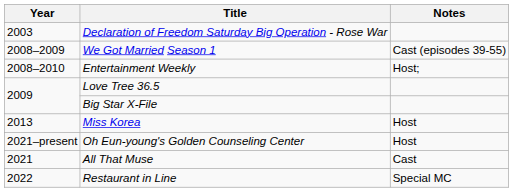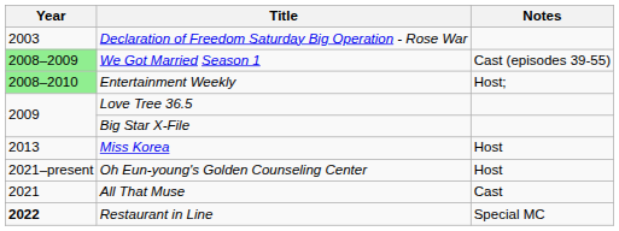 <table class="wikitable">
 <tr>
 <th>Year</th>
 <th>Title</th>
 <th>Notes</th>
 </tr>
 <tr>
 <td>2003</td>
 <td><em><a href='#'>Declaration of Freedom Saturday Big Operation</a> - Rose War</em> </td>
 <td></td>
 </tr>
 <tr>
-<td>2008–2009</td>
+<td style="background: lightgreen;">2008–2009</td>
 <td><em><a href='#'>We Got Married</a> <a href='#'>Season 1</a></em></td>
 <td>Cast (episodes 39-55)</td>
 </tr>
 <tr>
-<td>2008–2010</td>
+<td style="background: lightgreen;">2008–2010</td>
 <td><em>Entertainment Weekly</em></td>
 <td>Host;</td>
 </tr>
 <tr>
 <td rowspan="2">2009</td>
 <td><em>Love Tree 36.5</em></td>
 <td></td>
 </tr>
 <tr>
 <td><em>Big Star X-File</em></td>
 <td></td>
 </tr>
 <tr>
 <td>2013</td>
 <td><em><a href='#'>Miss Korea</a></em></td>
 <td>Host</td>
 </tr>
 <tr>
 <td rowspan=1>2021–present</td>
 <td><em>Oh Eun-young's Golden Counseling Center</em></td>
 <td>Host </td>
 </tr>
 <tr>
 <td>2021</td>
 <td><em>All That Muse</em></td>
 <td>Cast</td>
 </tr>
 <tr>
-<td>2022</td>
+<td><strong>2022</strong></td>
 <td><em>Restaurant in Line</em></td>
 <td>Special MC</td>
 </tr>
 </table>
